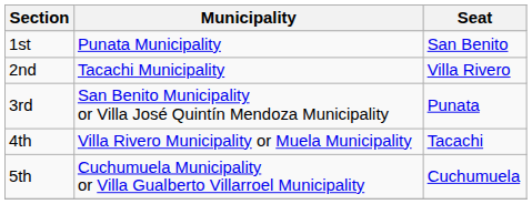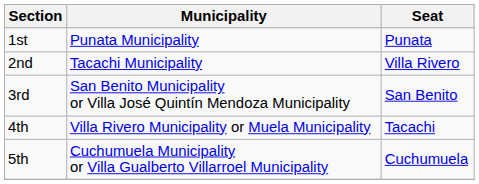 <table class="wikitable" border="1" style="width:40%;" border="1">
 <tr bgcolor=silver>
 <th>Section</th>
 <th>Municipality</th>
 <th>Seat</th>
 </tr>
 <tr>
 <td>1st</td>
 <td><a href='#'>Punata Municipality</a></td>
-<td><a href='#'>San Benito</a></td>
+<td><a href='#'>Punata</a></td>
 </tr>
 <tr>
 <td>2nd</td>
 <td><a href='#'>Tacachi Municipality</a></td>
 <td><a href='#'>Villa Rivero</a></td>
 </tr>
 <tr>
 <td>3rd</td>
 <td><a href='#'>San Benito Municipality</a> <br> or Villa José Quintín Mendoza Municipality</td>
-<td><a href='#'>Punata</a></td>
+<td><a href='#'>San Benito</a></td>
 </tr>
 <tr>
 <td>4th</td>
 <td><a href='#'>Villa Rivero Municipality</a> or <a href='#'>Muela Municipality</a></td>
 <td><a href='#'>Tacachi</a></td>
 </tr>
 <tr>
 <td>5th</td>
 <td><a href='#'>Cuchumuela Municipality</a> <br> or <a href='#'>Villa Gualberto Villarroel Municipality</a></td>
 <td><a href='#'>Cuchumuela</a></td>
 </tr>
 <tr>
 </tr>
 </table>
